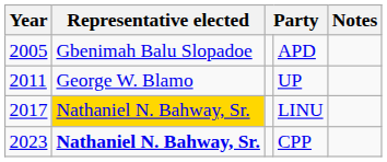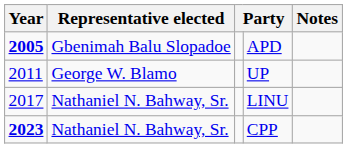 <table class="wikitable">
 <tr>
 <th>Year</th>
 <th>Representative elected</th>
 <th colspan=2>Party</th>
 <th>Notes</th>
 </tr>
 <tr>
-<td><a href='#'>2005</a></td>
+<td><strong><a href='#'>2005</a></strong></td>
 <td><a href='#'>Gbenimah Balu Slopadoe</a></td>
 <td></td>
 <td><a href='#'>APD</a></td>
 <td></td>
 </tr>
 <tr>
 <td><a href='#'>2011</a></td>
 <td><a href='#'>George W. Blamo</a></td>
 <td></td>
 <td><a href='#'>UP</a></td>
 <td></td>
 </tr>
 <tr>
 <td><a href='#'>2017</a></td>
-<td style="background: gold;"><a href='#'>Nathaniel N. Bahway, Sr.</a></td>
+<td><a href='#'>Nathaniel N. Bahway, Sr.</a></td>
 <td></td>
 <td><a href='#'>LINU</a></td>
 <td></td>
 </tr>
 <tr>
-<td><a href='#'>2023</a></td>
-<td><strong><a href='#'>Nathaniel N. Bahway, Sr.</a></strong></td>
+<td><strong><a href='#'>2023</a></strong></td>
+<td><a href='#'>Nathaniel N. Bahway, Sr.</a></td>
 <td></td>
 <td><a href='#'>CPP</a></td>
 <td></td>
 </tr>
 </table>
